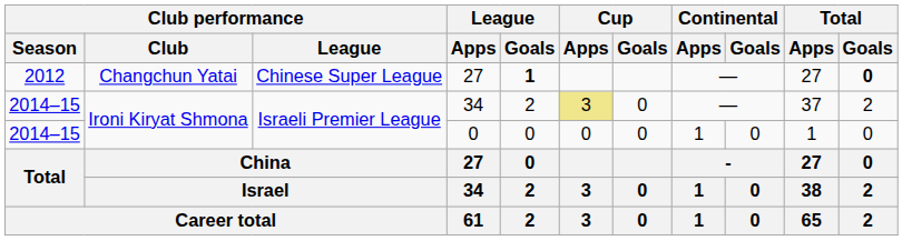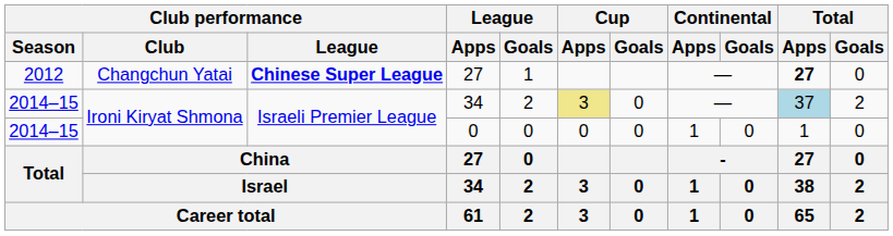 <table class="wikitable" style="text-align:center">
 <tr>
 <th colspan=3>Club performance</th>
 <th colspan=2>League</th>
 <th colspan=2>Cup</th>
 <th colspan=2>Continental</th>
 <th colspan=2>Total</th>
 </tr>
 <tr>
 <th>Season</th>
 <th>Club</th>
 <th>League</th>
 <th>Apps</th>
 <th>Goals</th>
 <th>Apps</th>
 <th>Goals</th>
 <th>Apps</th>
 <th>Goals</th>
 <th>Apps</th>
 <th>Goals</th>
 </tr>
 <tr>
 <td><a href='#'>2012</a></td>
 <td><a href='#'>Changchun Yatai</a></td>
-<td><a href='#'>Chinese Super League</a></td>
+<td><strong><a href='#'>Chinese Super League</a></strong></td>
 <td>27</td>
-<td><strong>1</strong></td>
+<td>1</td>
 <td></td>
 <td></td>
 <td colspan="2">—</td>
-<td>27</td>
-<td><strong>0</strong></td>
+<td><strong>27</strong></td>
+<td>0</td>
 </tr>
 <tr>
 <td><a href='#'>2014–15</a></td>
 <td rowspan="2"><a href='#'>Ironi Kiryat Shmona</a></td>
 <td rowspan="2"><a href='#'>Israeli Premier League</a></td>
 <td>34</td>
 <td>2</td>
 <td style="background: khaki;">3</td>
 <td>0</td>
 <td colspan="2">—</td>
-<td>37</td>
+<td style="background: lightblue;">37</td>
 <td>2</td>
 </tr>
 <tr>
 <td><a href='#'>2014–15</a></td>
 <td>0</td>
 <td>0</td>
 <td>0</td>
 <td>0</td>
 <td>1</td>
 <td>0</td>
 <td>1</td>
 <td>0</td>
 </tr>
 <tr>
 <th rowspan=2>Total</th>
 <th colspan=2>China</th>
 <th>27</th>
 <th>0</th>
 <th></th>
 <th></th>
 <th colspan="2">-</th>
 <th>27</th>
 <th>0</th>
 </tr>
 <tr>
 <th colspan=2>Israel</th>
 <th>34</th>
 <th>2</th>
 <th>3</th>
 <th>0</th>
 <th>1</th>
 <th>0</th>
 <th>38</th>
 <th>2</th>
 </tr>
 <tr>
 <th colspan=3>Career total</th>
 <th>61</th>
 <th>2</th>
 <th>3</th>
 <th>0</th>
 <th>1</th>
 <th>0</th>
 <th>65</th>
 <th>2</th>
 </tr>
 </table>
